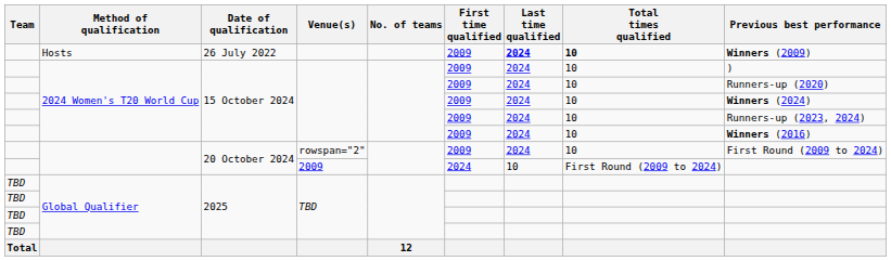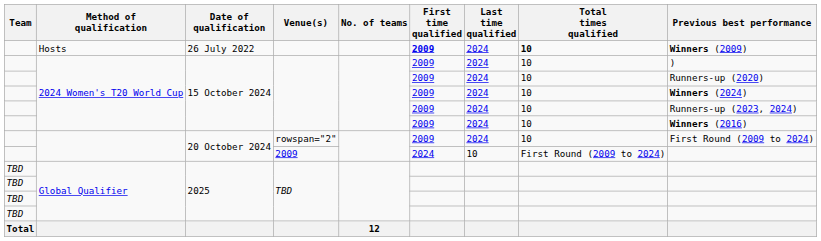 <table class="wikitable sortable" style="text-align:left">
 <tr>
 <th>Team</th>
 <th>Method of<br>qualification</th>
 <th>Date of<br>qualification</th>
 <th>Venue(s)</th>
 <th>No. of teams</th>
 <th>First<br>time<br>qualified</th>
 <th>Last<br>time<br>qualified</th>
 <th>Total<br>times<br>qualified</th>
 <th>Previous best performance</th>
 </tr>
 <tr>
 <td></td>
 <td>Hosts</td>
 <td>26 July 2022</td>
 <td></td>
 <td><strong></strong></td>
-<td><a href='#'>2009</a></td>
-<td><strong><a href='#'>2024</a></strong></td>
+<td><strong><a href='#'>2009</a></strong></td>
+<td><a href='#'>2024</a></td>
 <td><strong>10</strong></td>
 <td><strong>Winners</strong> (<a href='#'>2009</a>)</td>
 </tr>
 <tr>
 <td></td>
 <td rowspan="5"><a href='#'>2024 Women's T20 World Cup</a></td>
 <td rowspan="5">15 October 2024</td>
 <td rowspan="5"></td>
 <td rowspan="5"><strong></strong></td>
 <td><a href='#'>2009</a></td>
 <td><a href='#'>2024</a></td>
 <td>10</td>
 <td>)</td>
 </tr>
 <tr>
 <td></td>
 <td><a href='#'>2009</a></td>
 <td><a href='#'>2024</a></td>
 <td>10</td>
 <td>Runners-up (<a href='#'>2020</a>)</td>
 </tr>
 <tr>
 <td></td>
 <td><a href='#'>2009</a></td>
 <td><a href='#'>2024</a></td>
 <td>10</td>
 <td><strong>Winners</strong> (<a href='#'>2024</a>)</td>
 </tr>
 <tr>
 <td></td>
 <td><a href='#'>2009</a></td>
 <td><a href='#'>2024</a></td>
 <td>10</td>
 <td>Runners-up (<a href='#'>2023</a>, <a href='#'>2024</a>)</td>
 </tr>
 <tr>
 <td></td>
 <td><a href='#'>2009</a></td>
 <td><a href='#'>2024</a></td>
 <td>10</td>
 <td><strong>Winners</strong> (<a href='#'>2016</a>)</td>
 </tr>
 <tr>
 <td></td>
 <td rowspan="2"></td>
 <td rowspan="2">20 October 2024</td>
 <td>rowspan="2" </td>
 <td rowspan="2"><strong></strong></td>
 <td><a href='#'>2009</a></td>
 <td><a href='#'>2024</a></td>
 <td>10</td>
 <td>First Round (<a href='#'>2009</a> to <a href='#'>2024</a>)</td>
 </tr>
 <tr>
 <td></td>
 <td><a href='#'>2009</a></td>
 <td><a href='#'>2024</a></td>
 <td>10</td>
 <td>First Round (<a href='#'>2009</a> to <a href='#'>2024</a>)</td>
 </tr>
 <tr>
 <td> <em>TBD</em></td>
 <td rowspan="4"><a href='#'>Global Qualifier</a></td>
 <td rowspan="4">2025</td>
 <td rowspan="4"> <em>TBD</em></td>
 <td rowspan="4"><strong></strong></td>
 <td></td>
 <td></td>
 <td></td>
 <td></td>
 </tr>
 <tr>
 <td> <em>TBD</em></td>
 <td></td>
 <td></td>
 <td></td>
 <td></td>
 </tr>
 <tr>
 <td> <em>TBD</em></td>
 <td></td>
 <td></td>
 <td></td>
 <td></td>
 </tr>
 <tr>
 <td> <em>TBD</em></td>
 <td></td>
 <td></td>
 <td></td>
 <td></td>
 </tr>
 <tr>
 <th>Total</th>
 <th></th>
 <th></th>
 <th></th>
 <th>12</th>
 <th></th>
 <th></th>
 <th></th>
 <th></th>
 </tr>
 </table>
